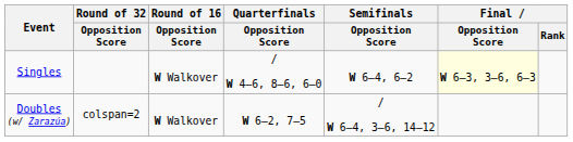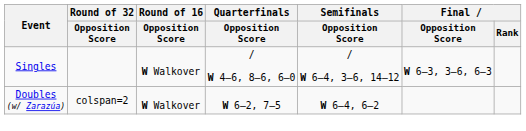 <table class=wikitable style="font-size:90%">
 <tr>
 <th rowspan="2">Event</th>
 <th>Round of 32</th>
 <th>Round of 16</th>
 <th>Quarterfinals</th>
 <th>Semifinals</th>
 <th colspan=2>Final / </th>
 </tr>
 <tr style="font-size:95%">
 <th>Opposition<br>Score</th>
 <th>Opposition<br>Score</th>
 <th>Opposition<br>Score</th>
 <th>Opposition<br>Score</th>
 <th>Opposition<br>Score</th>
 <th>Rank</th>
 </tr>
 <tr align=center>
 <td><a href='#'>Singles</a></td>
 <td></td>
 <td><br><strong>W</strong> Walkover</td>
 <td> / <br><br><strong>W</strong> 4–6, 8–6, 6–0</td>
-<td><br><strong>W</strong> 6–4, 6–2</td>
-<td style="background: lightyellow;"><br><strong>W</strong> 6–3, 3–6, 6–3</td>
+<td> / <br><br><strong>W</strong> 6–4, 3–6, 14–12</td>
+<td><br><strong>W</strong> 6–3, 3–6, 6–3</td>
 <td></td>
 </tr>
 <tr align=center>
 <td><a href='#'>Doubles</a><br><small><em>(w/ <a href='#'>Zarazúa</a>)</em></small></td>
 <td>colspan=2 </td>
 <td><br><strong>W</strong> Walkover</td>
 <td><br><strong>W</strong> 6–2, 7–5</td>
-<td> / <br><br><strong>W</strong> 6–4, 3–6, 14–12</td>
+<td><br><strong>W</strong> 6–4, 6–2</td>
 <td></td>
 </tr>
 </table>
